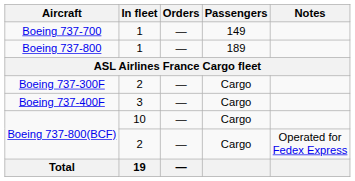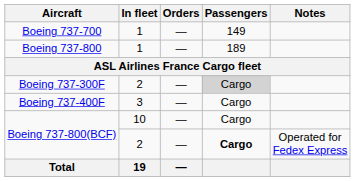 <table class="wikitable" style="margin:0.5em auto;text-align:center">
 <tr>
 <th>Aircraft</th>
 <th>In fleet</th>
 <th>Orders</th>
 <th>Passengers</th>
 <th>Notes</th>
 </tr>
 <tr>
 <td><a href='#'>Boeing 737-700</a></td>
 <td>1</td>
 <td>—</td>
 <td>149</td>
 <td></td>
 </tr>
 <tr>
 <td><a href='#'>Boeing 737-800</a></td>
 <td>1</td>
 <td>—</td>
 <td>189</td>
 <td></td>
 </tr>
 <tr>
 <th colspan="5">ASL Airlines France Cargo fleet</th>
 </tr>
 <tr>
 <td><a href='#'>Boeing 737-300F</a></td>
 <td>2</td>
 <td>—</td>
-<td>Cargo</td>
+<td style="background: lightgrey;">Cargo</td>
 <td></td>
 </tr>
 <tr>
 <td><a href='#'>Boeing 737-400F</a></td>
 <td>3</td>
 <td>—</td>
 <td>Cargo</td>
 <td></td>
 </tr>
 <tr>
 <td rowspan="2"><a href='#'>Boeing 737-800(BCF)</a></td>
 <td>10</td>
 <td>—</td>
 <td>Cargo</td>
 <td></td>
 </tr>
 <tr>
 <td>2</td>
 <td>—</td>
-<td>Cargo</td>
+<td><strong>Cargo</strong></td>
 <td>Operated for<br><a href='#'>Fedex Express</a></td>
 </tr>
 <tr>
 <th>Total</th>
 <th>19</th>
 <th>—</th>
 <th></th>
 <th></th>
 </tr>
 </table>
